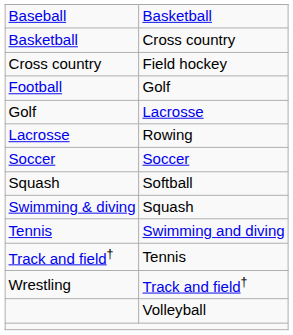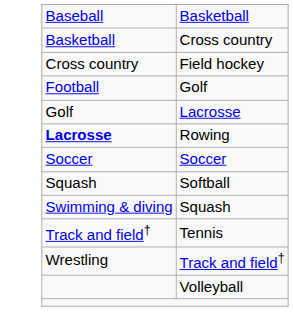 <table class="wikitable" style="float:right; clear:right; margin:0 0 1em 1em;">
 <tr>
 </tr>
 <tr>
 <td><a href='#'>Baseball</a></td>
 <td><a href='#'>Basketball</a></td>
 </tr>
 <tr>
 <td><a href='#'>Basketball</a></td>
 <td>Cross country</td>
 </tr>
 <tr>
 <td>Cross country</td>
 <td>Field hockey</td>
 </tr>
 <tr>
 <td><a href='#'>Football</a></td>
 <td>Golf</td>
 </tr>
 <tr>
 <td>Golf</td>
 <td><a href='#'>Lacrosse</a></td>
 </tr>
 <tr>
-<td><a href='#'>Lacrosse</a></td>
+<td><strong><a href='#'>Lacrosse</a></strong></td>
 <td>Rowing</td>
 </tr>
 <tr>
 <td><a href='#'>Soccer</a></td>
 <td><a href='#'>Soccer</a></td>
 </tr>
 <tr>
 <td>Squash</td>
 <td>Softball</td>
 </tr>
 <tr>
 <td><a href='#'>Swimming & diving</a></td>
 <td>Squash</td>
-</tr>
-<tr>
-<td><a href='#'>Tennis</a></td>
-<td><a href='#'>Swimming and diving</a></td>
 </tr>
 <tr>
 <td><a href='#'>Track and field</a><sup>†</sup></td>
 <td>Tennis</td>
 </tr>
 <tr>
 <td>Wrestling</td>
 <td><a href='#'>Track and field</a><sup>†</sup></td>
 </tr>
 <tr>
 <td></td>
 <td>Volleyball</td>
 </tr>
 <tr>
 <td colspan="2"></td>
 </tr>
 </table>
